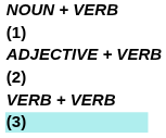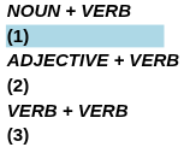 <table>
 <tr>
 <td colspan="2"><strong><em>NOUN + VERB</em></strong></td>
 </tr>
 <tr>
-<td><strong>(1)</strong></td>
+<td style="background: lightblue;"><strong>(1)</strong></td>
 <td></td>
 </tr>
 <tr>
 <td colspan="2"><strong><em>ADJECTIVE + VERB</em></strong></td>
 </tr>
 <tr>
 <td><strong>(2)</strong></td>
 <td></td>
 </tr>
 <tr>
 <td colspan="2"><strong><em>VERB + VERB</em></strong></td>
 </tr>
 <tr>
-<td style="background: paleturquoise;"><strong>(3)</strong></td>
+<td><strong>(3)</strong></td>
 <td></td>
 </tr>
 </table>
